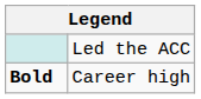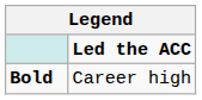 <table class="wikitable">
 <tr>
 <th colspan="2">Legend</th>
 </tr>
 <tr>
 <td style="background:#cfecec; width:3em;"></td>
-<td>Led the ACC</td>
+<td><strong>Led the ACC</strong></td>
 </tr>
 <tr>
 <td><strong>Bold</strong></td>
 <td>Career high</td>
 </tr>
 </table>
